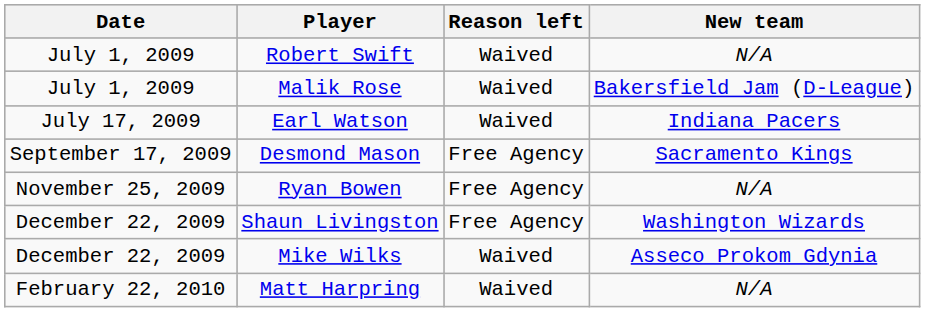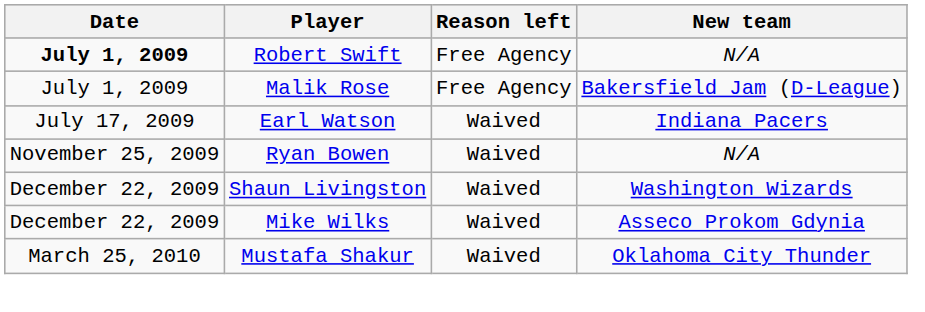 <table class="wikitable sortable sortable" style="text-align: center">
 <tr>
 <th>Date</th>
 <th>Player</th>
 <th>Reason left</th>
 <th>New team</th>
 </tr>
 <tr style="text-align: center">
-<td>July 1, 2009</td>
+<td><strong>July 1, 2009</strong></td>
 <td><a href='#'>Robert Swift</a></td>
-<td>Waived</td>
+<td>Free Agency</td>
 <td><em>N/A</em></td>
 </tr>
 <tr style="text-align: center">
 <td>July 1, 2009</td>
 <td><a href='#'>Malik Rose</a></td>
-<td>Waived</td>
+<td>Free Agency</td>
 <td><a href='#'>Bakersfield Jam</a> (<a href='#'>D-League</a>)</td>
 </tr>
 <tr style="text-align: center">
 <td>July 17, 2009</td>
 <td><a href='#'>Earl Watson</a></td>
 <td>Waived</td>
 <td><a href='#'>Indiana Pacers</a></td>
 </tr>
 <tr style="text-align: center">
-<td>September 17, 2009</td>
-<td><a href='#'>Desmond Mason</a></td>
-<td>Free Agency</td>
-<td><a href='#'>Sacramento Kings</a></td>
-</tr>
-<tr style="text-align: center">
 <td>November 25, 2009</td>
 <td><a href='#'>Ryan Bowen</a></td>
-<td>Free Agency</td>
+<td>Waived</td>
 <td><em>N/A</em></td>
 </tr>
 <tr style="text-align: center">
 <td>December 22, 2009</td>
 <td><a href='#'>Shaun Livingston</a></td>
-<td>Free Agency</td>
+<td>Waived</td>
 <td><a href='#'>Washington Wizards</a></td>
 </tr>
 <tr style="text-align: center">
 <td>December 22, 2009</td>
 <td><a href='#'>Mike Wilks</a></td>
 <td>Waived</td>
 <td> <a href='#'>Asseco Prokom Gdynia</a></td>
 </tr>
 <tr style="text-align: center">
-<td>February 22, 2010</td>
-<td><a href='#'>Matt Harpring</a></td>
+<td>March 25, 2010</td>
+<td><a href='#'>Mustafa Shakur</a></td>
 <td>Waived</td>
-<td><em>N/A</em></td>
+<td><a href='#'>Oklahoma City Thunder</a></td>
 </tr>
 </table>
